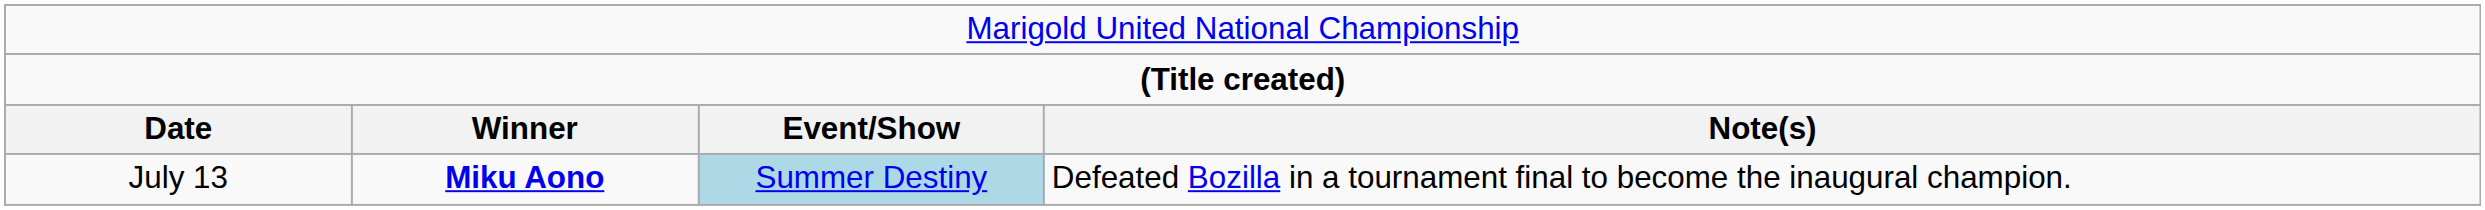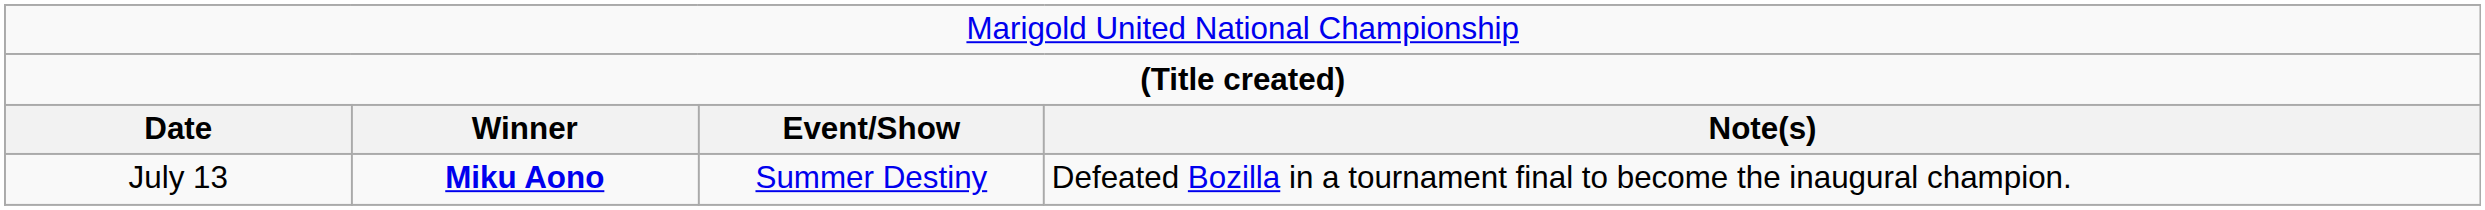 <table class="wikitable" style="text-align:center; width:100%;">
 <tr>
 <td colspan="4" style="text-align: center;"><a href='#'>Marigold United National Championship</a></td>
 </tr>
 <tr>
 <td colspan="4" style="text-align: center;"><strong>(Title created)</strong></td>
 </tr>
 <tr>
 <th width=14%>Date</th>
 <th width=14%>Winner</th>
 <th width=14%>Event/Show</th>
 <th width=58%>Note(s)</th>
 </tr>
 <tr>
 <td>July 13</td>
 <td><strong><a href='#'>Miku Aono</a></strong></td>
-<td style="background: lightblue;"><a href='#'>Summer Destiny</a></td>
+<td><a href='#'>Summer Destiny</a></td>
 <td align=left>Defeated <a href='#'>Bozilla</a> in a tournament final to become the inaugural champion.</td>
 </tr>
 </table>
